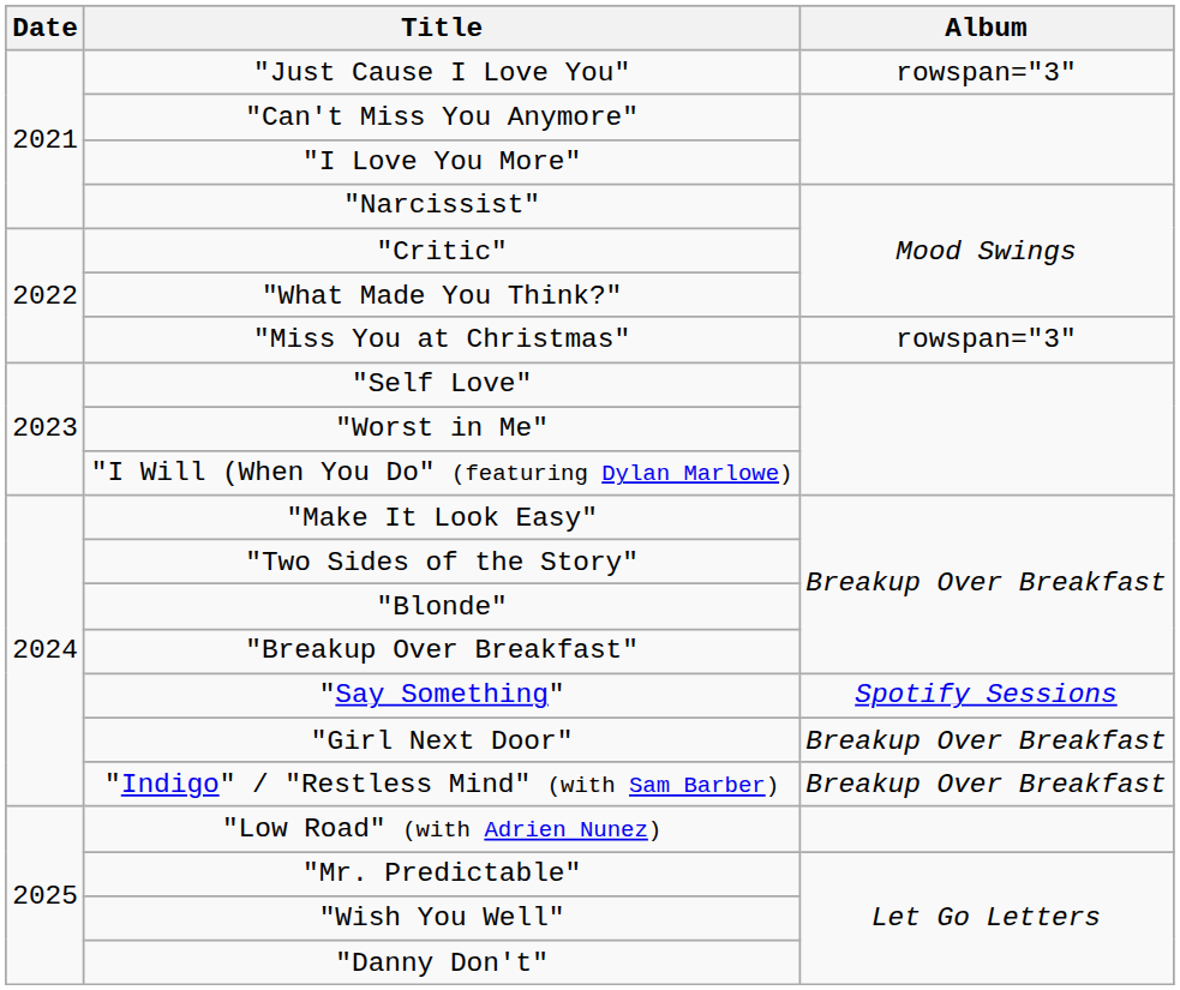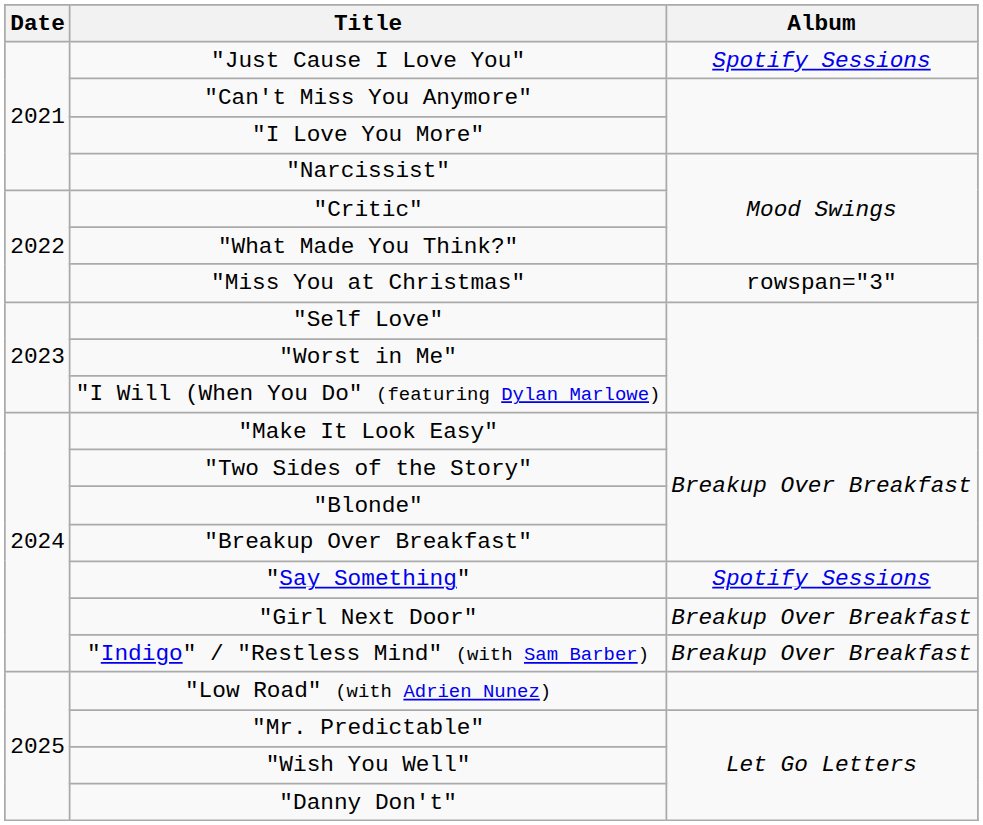 <table class="wikitable plainrowheaders" style="text-align:center;">
 <tr>
 <th scope="col">Date</th>
 <th scope="col">Title</th>
 <th scope="col">Album</th>
 </tr>
 <tr>
 <td rowspan=4>2021</td>
 <td>"Just Cause I Love You"</td>
-<td>rowspan="3" </td>
+<td><em><a href='#'>Spotify Sessions</a></em></td>
 </tr>
 <tr>
 <td>"Can't Miss You Anymore"</td>
 </tr>
 <tr>
 <td>"I Love You More"</td>
 </tr>
 <tr>
 <td>"Narcissist"</td>
 <td rowspan=3><em>Mood Swings</em></td>
 </tr>
 <tr>
 <td rowspan=3>2022</td>
 <td>"Critic"</td>
 </tr>
 <tr>
 <td>"What Made You Think?"</td>
 </tr>
 <tr>
 <td>"Miss You at Christmas"</td>
 <td>rowspan="3" </td>
 </tr>
 <tr>
 <td rowspan=3>2023</td>
 <td>"Self Love"</td>
 </tr>
 <tr>
 <td>"Worst in Me"</td>
 </tr>
 <tr>
 <td>"I Will (When You Do" <small>(featuring <a href='#'>Dylan Marlowe</a>)</small></td>
 </tr>
 <tr>
 <td rowspan=7>2024</td>
 <td>"Make It Look Easy"</td>
 <td rowspan=4><em>Breakup Over Breakfast</em></td>
 </tr>
 <tr>
 <td>"Two Sides of the Story"</td>
 </tr>
 <tr>
 <td>"Blonde"</td>
 </tr>
 <tr>
 <td>"Breakup Over Breakfast"</td>
 </tr>
 <tr>
 <td>"<a href='#'>Say Something</a>"</td>
 <td><em><a href='#'>Spotify Sessions</a></em></td>
 </tr>
 <tr>
 <td>"Girl Next Door"</td>
 <td><em>Breakup Over Breakfast</em></td>
 </tr>
 <tr>
 <td>"<a href='#'>Indigo</a>" / "Restless Mind" <small>(with <a href='#'>Sam Barber</a>)</small></td>
 <td><em>Breakup Over Breakfast</em></td>
 </tr>
 <tr>
 <td rowspan=4>2025</td>
 <td>"Low Road" <small>(with <a href='#'>Adrien Nunez</a>)</small></td>
 <td></td>
 </tr>
 <tr>
 <td>"Mr. Predictable"</td>
 <td rowspan="3"><em>Let Go Letters</em></td>
 </tr>
 <tr>
 <td>"Wish You Well"</td>
 </tr>
 <tr>
 <td>"Danny Don't"</td>
 </tr>
 </table>
